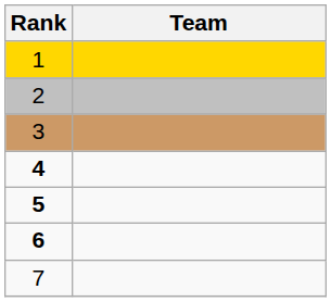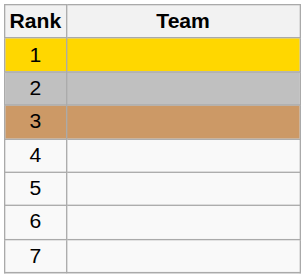 <table class=wikitable style=text-align:center>
 <tr>
 <th width=20>Rank</th>
 <th width=170>Team</th>
 </tr>
 <tr bgcolor=gold>
 <td>1</td>
 <td align=left></td>
 </tr>
 <tr bgcolor=silver>
 <td>2</td>
 <td align=left></td>
 </tr>
 <tr bgcolor=#C96>
 <td>3</td>
 <td align=left></td>
 </tr>
 <tr>
-<td><strong>4</strong></td>
+<td>4</td>
 <td align=left></td>
 </tr>
 <tr>
-<td><strong>5</strong></td>
+<td>5</td>
 <td align=left></td>
 </tr>
 <tr>
-<td><strong>6</strong></td>
+<td>6</td>
 <td align=left></td>
 </tr>
 <tr>
 <td>7</td>
 <td align=left></td>
 </tr>
 <tr>
 </tr>
 </table>
